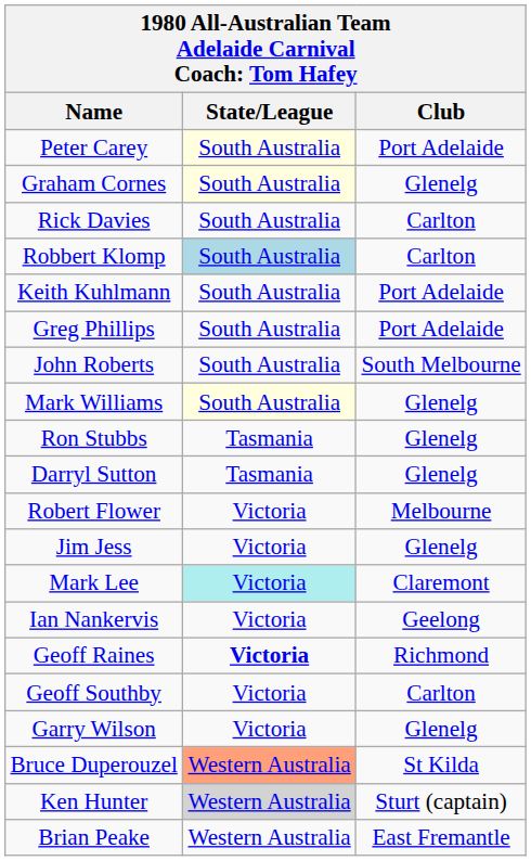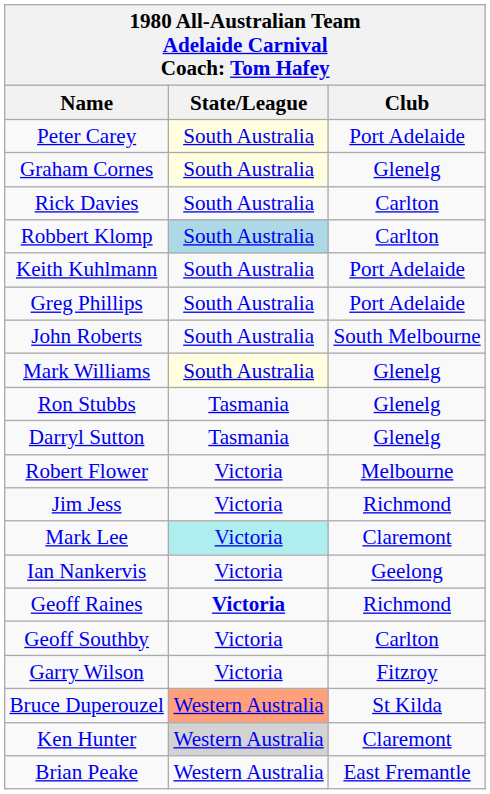 <table class="wikitable" style="text-align: center">
 <tr>
 <th colspan="10">1980 All-Australian Team<br><a href='#'>Adelaide Carnival</a> <br> Coach: <a href='#'>Tom Hafey</a></th>
 </tr>
 <tr>
 <th>Name</th>
 <th>State/League</th>
 <th>Club</th>
 </tr>
 <tr>
 <td><a href='#'>Peter Carey</a></td>
 <td style="background: lightyellow;"><a href='#'>South Australia</a></td>
 <td><a href='#'>Port Adelaide</a></td>
 </tr>
 <tr>
 <td><a href='#'>Graham Cornes</a></td>
 <td style="background: lightyellow;"><a href='#'>South Australia</a></td>
 <td><a href='#'>Glenelg</a></td>
 </tr>
 <tr>
 <td><a href='#'>Rick Davies</a></td>
 <td><a href='#'>South Australia</a></td>
 <td><a href='#'>Carlton</a></td>
 </tr>
 <tr>
 <td><a href='#'>Robbert Klomp</a></td>
 <td style="background: lightblue;"><a href='#'>South Australia</a></td>
 <td><a href='#'>Carlton</a></td>
 </tr>
 <tr>
 <td><a href='#'>Keith Kuhlmann</a></td>
 <td><a href='#'>South Australia</a></td>
 <td><a href='#'>Port Adelaide</a></td>
 </tr>
 <tr>
 <td><a href='#'>Greg Phillips</a></td>
 <td><a href='#'>South Australia</a></td>
 <td><a href='#'>Port Adelaide</a></td>
 </tr>
 <tr>
 <td><a href='#'>John Roberts</a></td>
 <td><a href='#'>South Australia</a></td>
 <td><a href='#'>South Melbourne</a></td>
 </tr>
 <tr>
 <td><a href='#'>Mark Williams</a></td>
 <td style="background: lightyellow;"><a href='#'>South Australia</a></td>
 <td><a href='#'>Glenelg</a></td>
 </tr>
 <tr>
 <td><a href='#'>Ron Stubbs</a></td>
 <td><a href='#'>Tasmania</a></td>
 <td><a href='#'>Glenelg</a></td>
 </tr>
 <tr>
 <td><a href='#'>Darryl Sutton</a></td>
 <td><a href='#'>Tasmania</a></td>
 <td><a href='#'>Glenelg</a></td>
 </tr>
 <tr>
 <td><a href='#'>Robert Flower</a></td>
 <td><a href='#'>Victoria</a></td>
 <td><a href='#'>Melbourne</a></td>
 </tr>
 <tr>
 <td><a href='#'>Jim Jess</a></td>
 <td><a href='#'>Victoria</a></td>
-<td><a href='#'>Glenelg</a></td>
+<td><a href='#'>Richmond</a></td>
 </tr>
 <tr>
 <td><a href='#'>Mark Lee</a></td>
 <td style="background: paleturquoise;"><a href='#'>Victoria</a></td>
 <td><a href='#'>Claremont</a></td>
 </tr>
 <tr>
 <td><a href='#'>Ian Nankervis</a></td>
 <td><a href='#'>Victoria</a></td>
 <td><a href='#'>Geelong</a></td>
 </tr>
 <tr>
 <td><a href='#'>Geoff Raines</a></td>
 <td><strong><a href='#'>Victoria</a></strong></td>
 <td><a href='#'>Richmond</a></td>
 </tr>
 <tr>
 <td><a href='#'>Geoff Southby</a></td>
 <td><a href='#'>Victoria</a></td>
 <td><a href='#'>Carlton</a></td>
 </tr>
 <tr>
 <td><a href='#'>Garry Wilson</a></td>
 <td><a href='#'>Victoria</a></td>
-<td><a href='#'>Glenelg</a></td>
+<td><a href='#'>Fitzroy</a></td>
 </tr>
 <tr>
 <td><a href='#'>Bruce Duperouzel</a></td>
 <td style="background: lightsalmon;"><a href='#'>Western Australia</a></td>
 <td><a href='#'>St Kilda</a></td>
 </tr>
 <tr>
 <td><a href='#'>Ken Hunter</a></td>
 <td style="background: lightgrey;"><a href='#'>Western Australia</a></td>
-<td><a href='#'>Sturt</a> (captain)</td>
+<td><a href='#'>Claremont</a></td>
 </tr>
 <tr>
 <td><a href='#'>Brian Peake</a></td>
 <td><a href='#'>Western Australia</a></td>
 <td><a href='#'>East Fremantle</a></td>
 </tr>
 </table>
